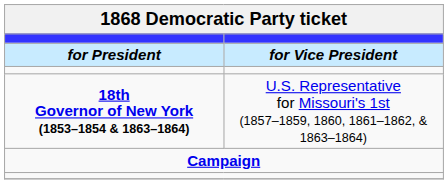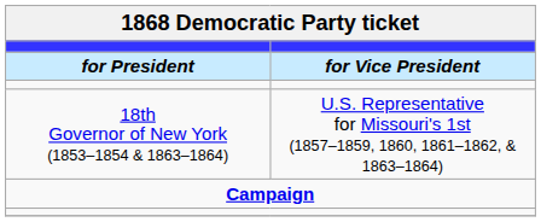 <table class="wikitable" style="font-size:90%; text-align:center;">
 <tr>
 <td style="background:#f1f1f1;" colspan="30"><big><strong>1868 Democratic Party ticket</strong></big></td>
 </tr>
 <tr>
 <th style="width:3em; font-size:135%; background:#3333FF; width:200px;"><a href='#'></a></th>
 <th style="width:3em; font-size:135%; background:#3333FF; width:200px;"><a href='#'></a></th>
 </tr>
 <tr>
 <td style="width:3em; font-size:100%; color:#000; background:#C8EBFF; width:200px;"><strong><em>for President</em></strong></td>
 <td style="width:3em; font-size:100%; color:#000; background:#C8EBFF; width:200px;"><strong><em>for Vice President</em></strong></td>
 </tr>
 <tr>
 <td></td>
 <td></td>
 </tr>
 <tr>
-<td><strong><a href='#'>18th</a><br><a href='#'>Governor of New York</a><br><small>(1853–1854 & 1863–1864)</small></strong></td>
+<td><a href='#'>18th</a><br><a href='#'>Governor of New York</a><br><small>(1853–1854 & 1863–1864)</small></td>
 <td><a href='#'>U.S. Representative</a><br>for <a href='#'>Missouri's 1st</a><br><small>(1857–1859, 1860, 1861–1862, & 1863–1864)</small></td>
 </tr>
 <tr>
 <td colspan=2><a href='#'><strong>Campaign</strong></a></td>
 </tr>
 <tr>
 <td colspan=2></td>
 </tr>
 <tr>
 </tr>
 </table>
